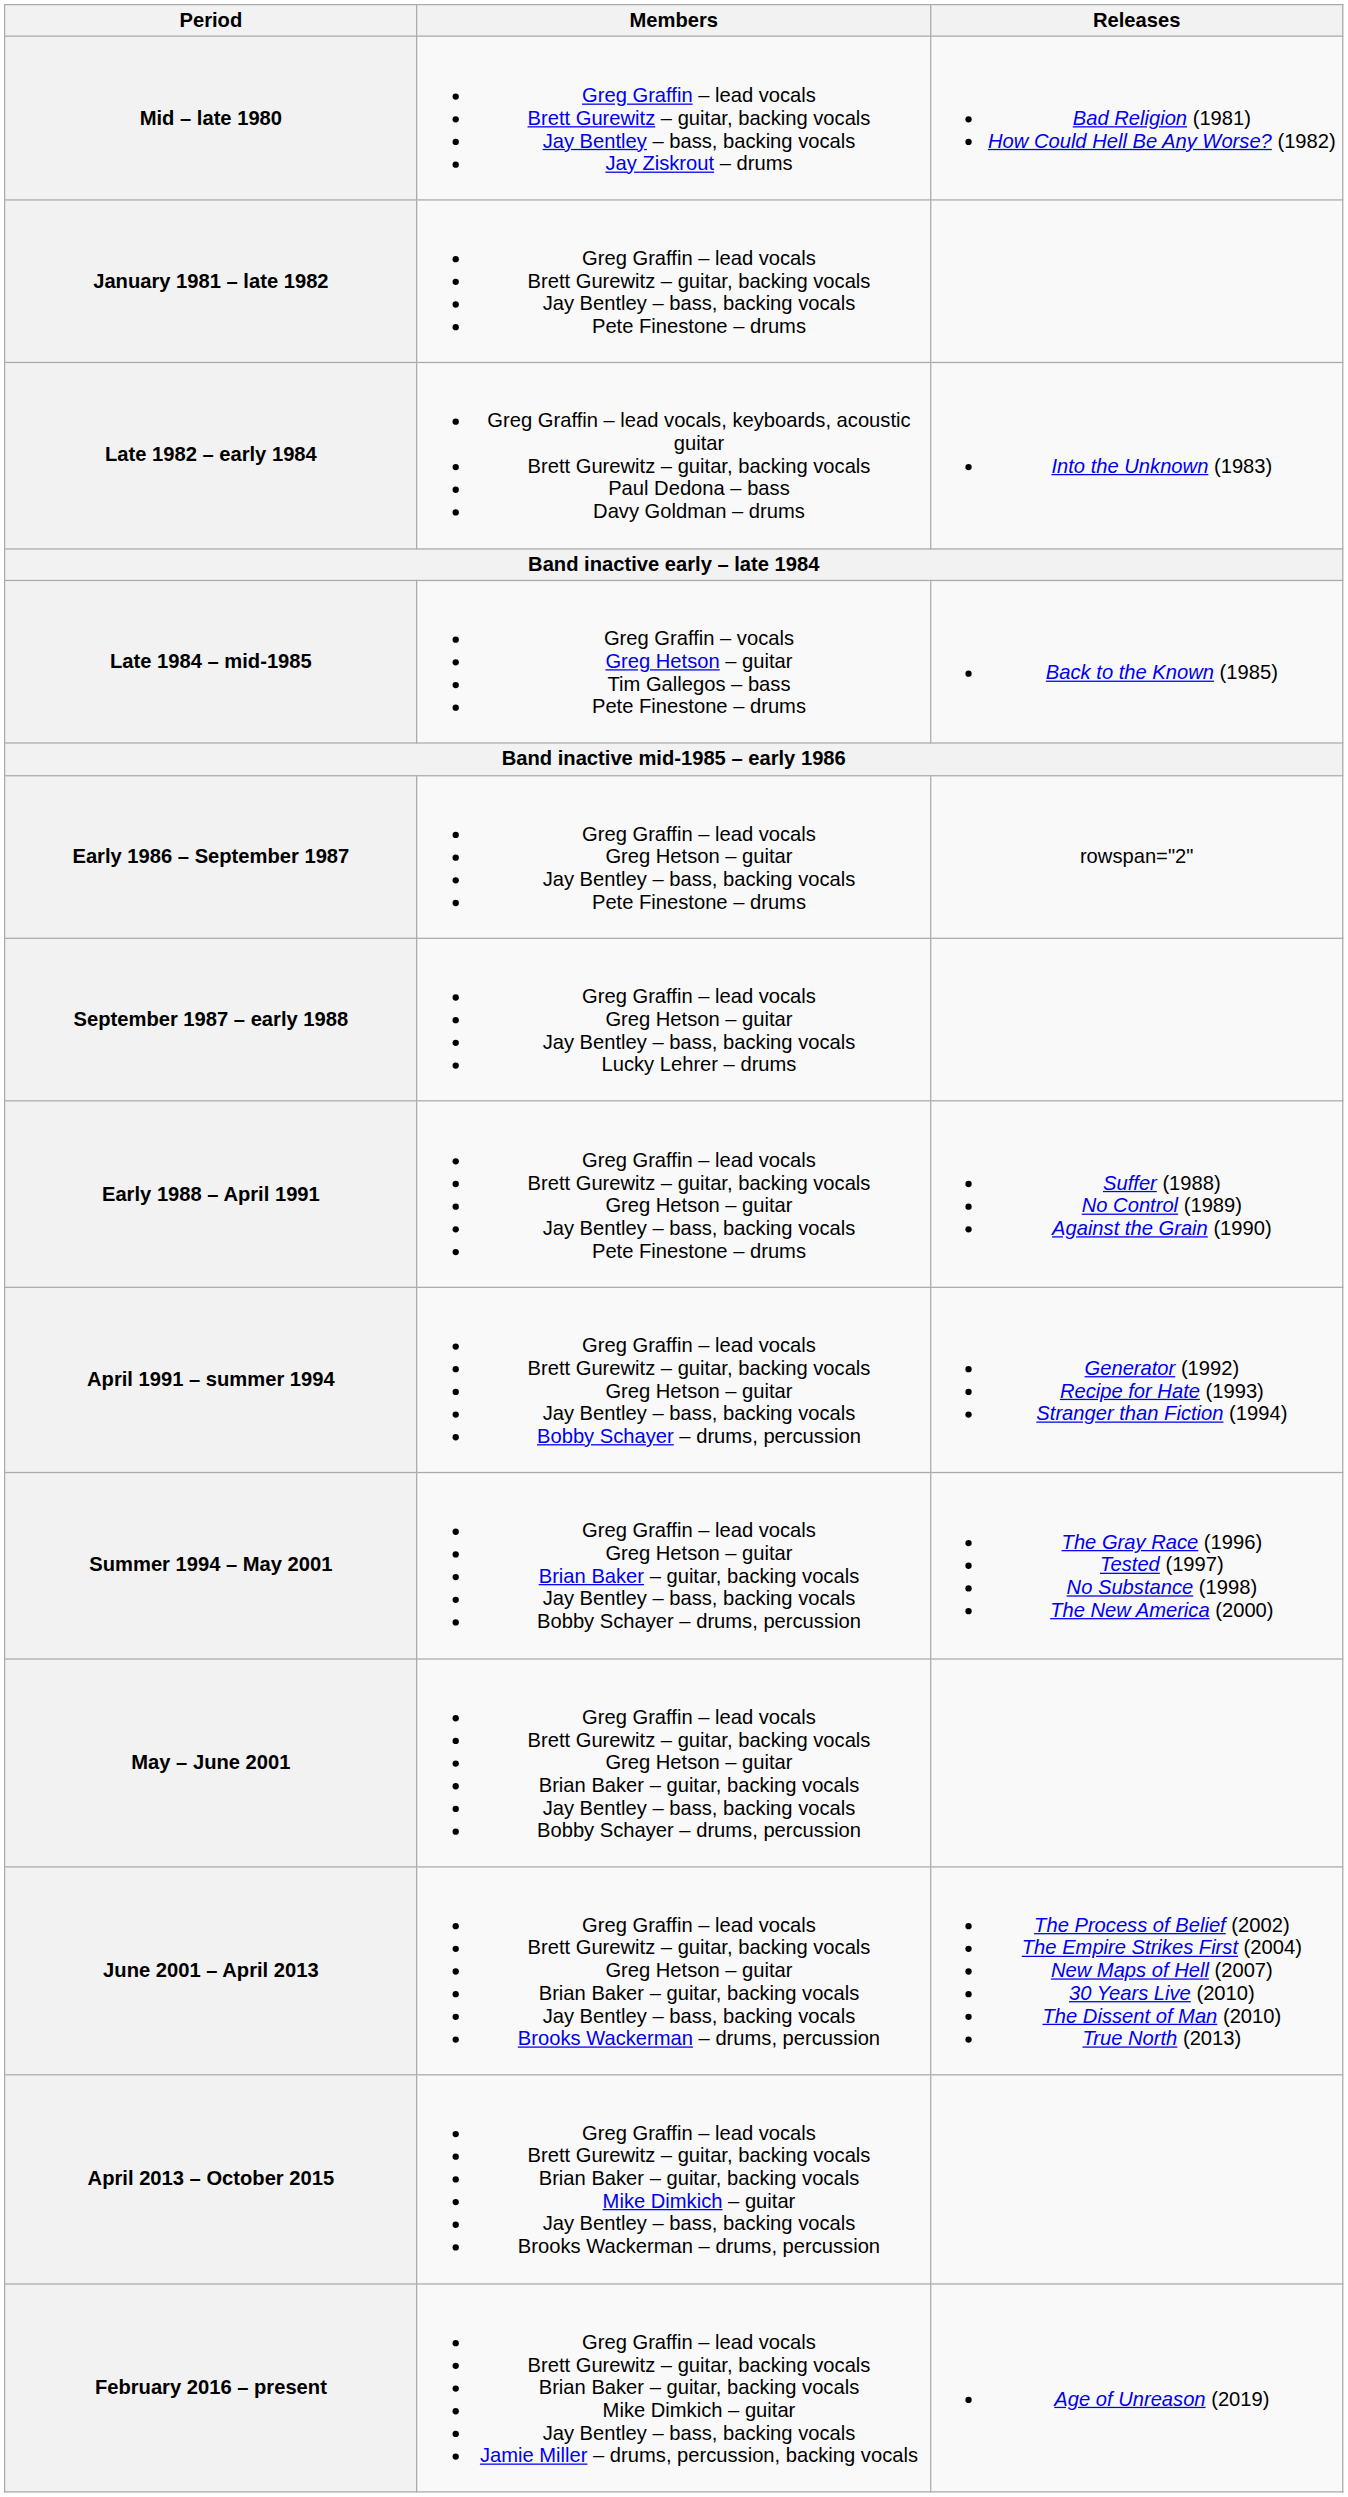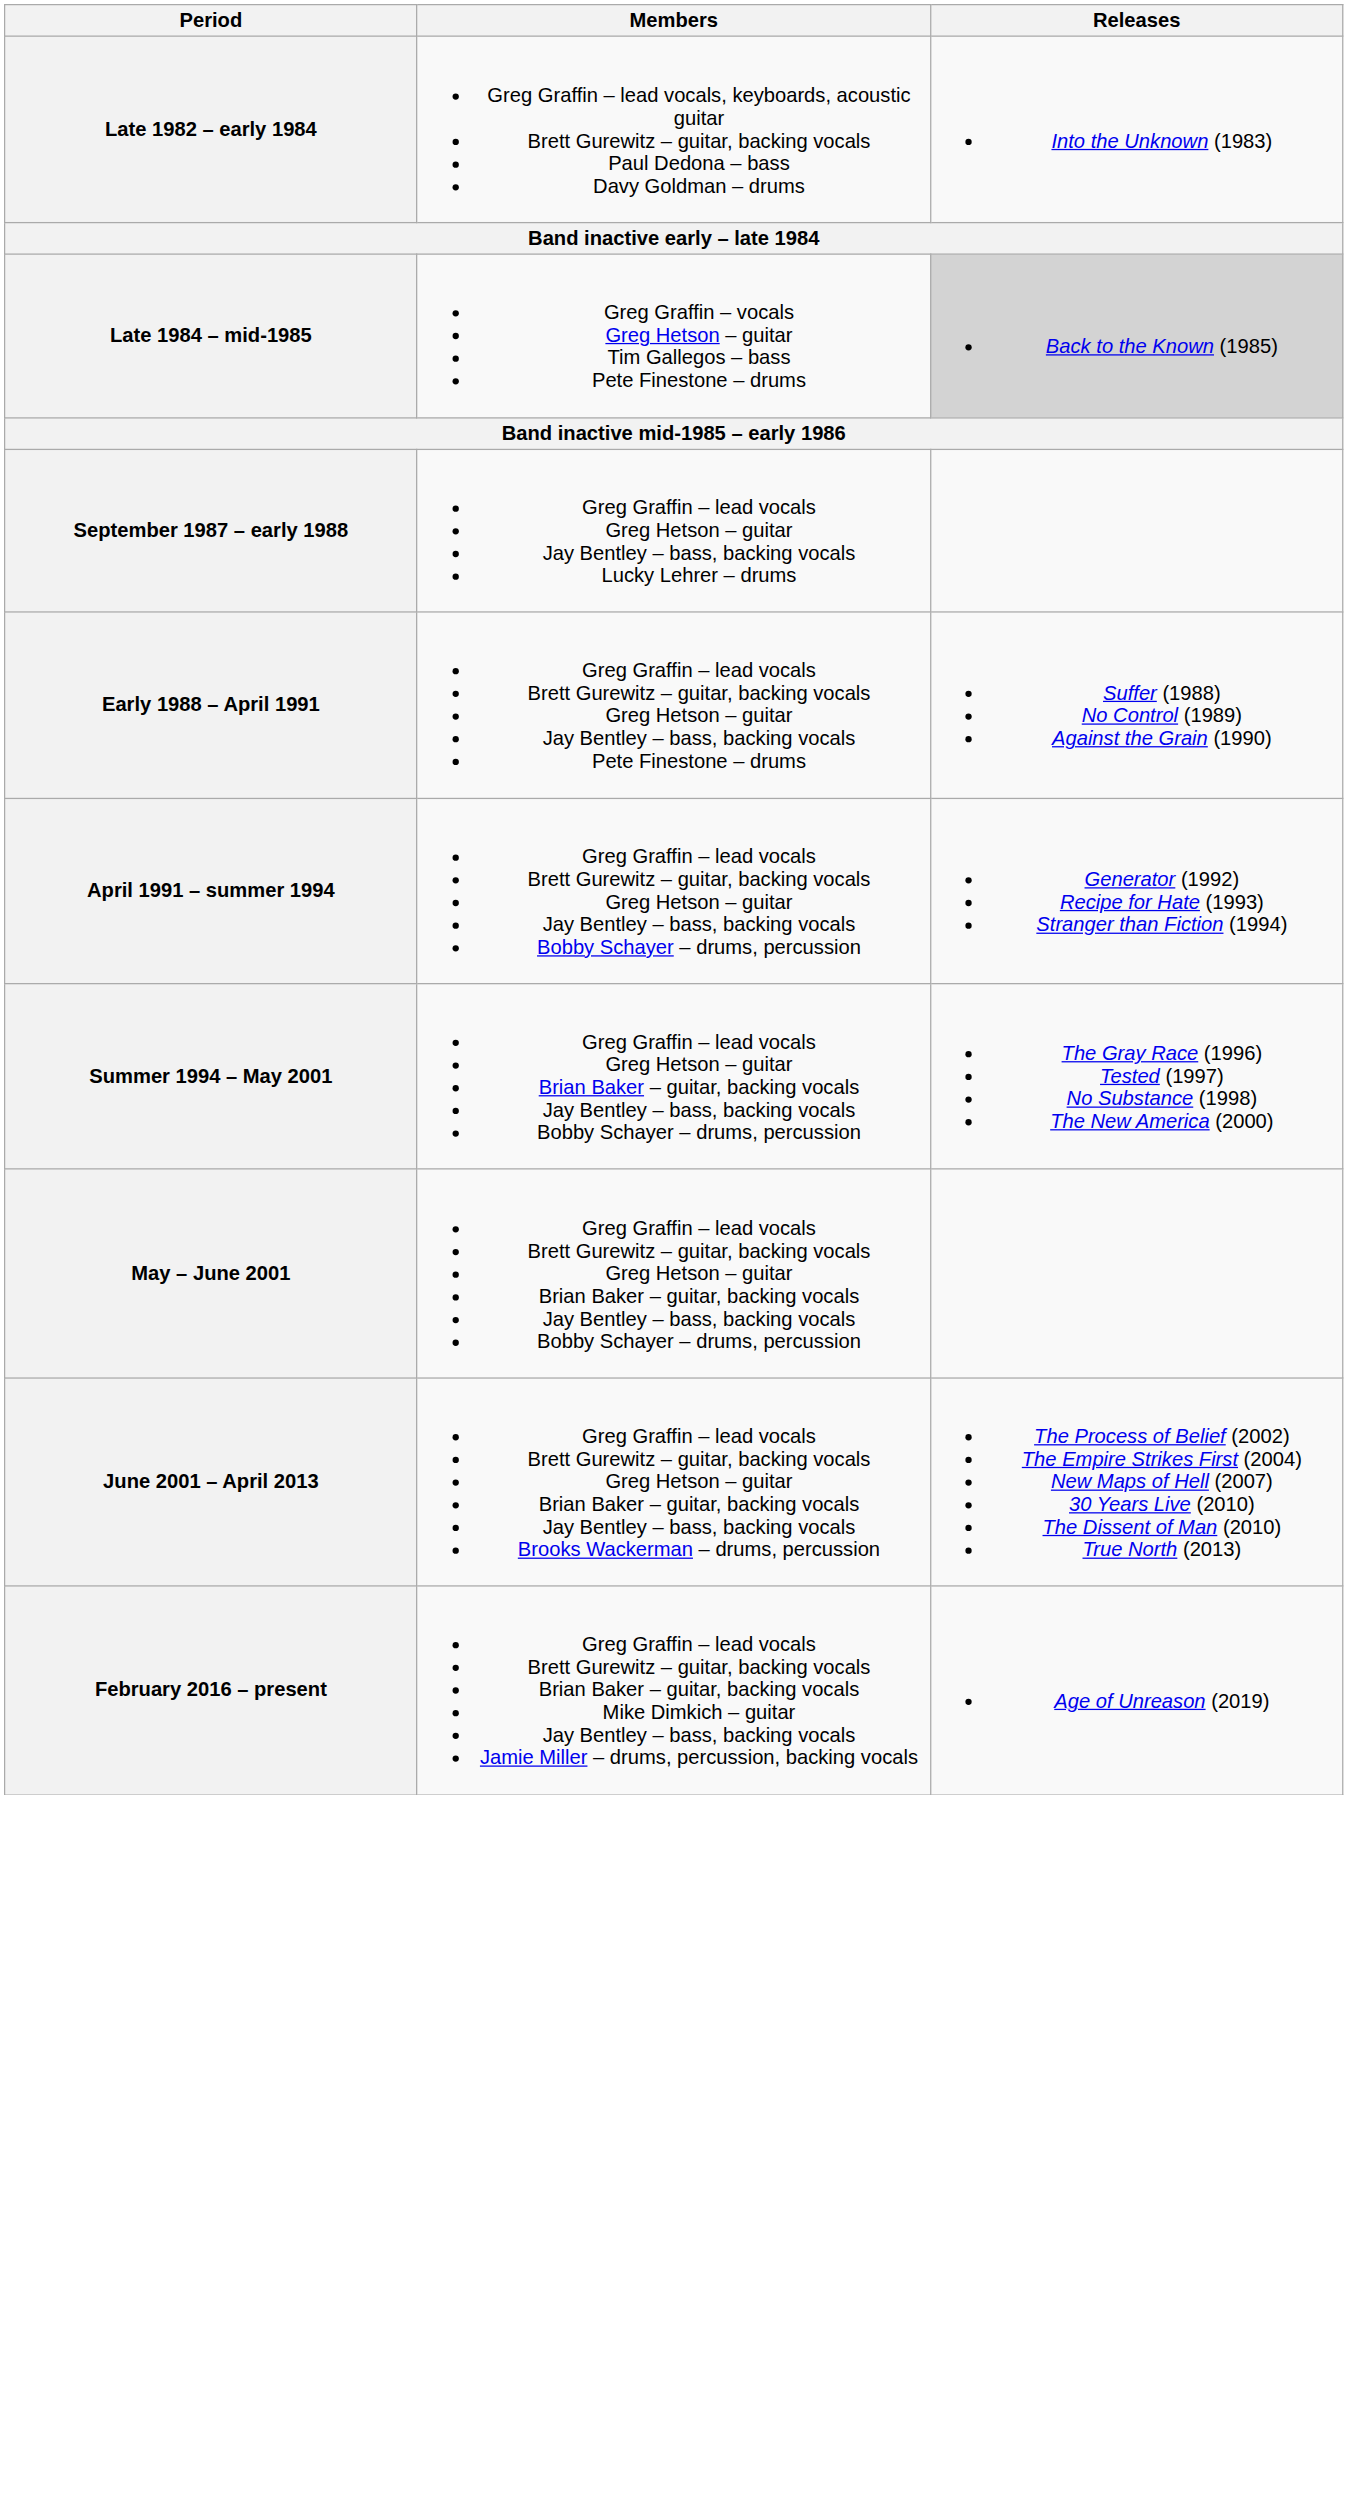 <table class="wikitable plainrowheaders" style="text-align:center;">
 <tr>
 <th scope="col" style="width:20em;">Period</th>
 <th scope="col" style="width:25em;">Members</th>
 <th scope="col" style="width:20em;">Releases</th>
-</tr>
-<tr>
-<th scope="col">Mid – late 1980</th>
-<td><br><ul><li><a href='#'>Greg Graffin</a> – lead vocals</li><li><a href='#'>Brett Gurewitz</a> – guitar, backing vocals</li><li><a href='#'>Jay Bentley</a> – bass, backing vocals</li><li><a href='#'>Jay Ziskrout</a> – drums</li></ul></td>
-<td><br><ul><li><em><a href='#'>Bad Religion</a></em> (1981)</li><li><em><a href='#'>How Could Hell Be Any Worse?</a></em> (1982)</li></ul></td>
-</tr>
-<tr>
-<th scope="col">January 1981 – late 1982</th>
-<td><br><ul><li>Greg Graffin – lead vocals</li><li>Brett Gurewitz – guitar, backing vocals</li><li>Jay Bentley – bass, backing vocals</li><li>Pete Finestone – drums</li></ul></td>
-<td></td>
 </tr>
 <tr>
 <th scope="col">Late 1982 – early 1984</th>
 <td><br><ul><li>Greg Graffin – lead vocals, keyboards, acoustic guitar</li><li>Brett Gurewitz – guitar, backing vocals</li><li>Paul Dedona – bass</li><li>Davy Goldman – drums</li></ul></td>
 <td><br><ul><li><em><a href='#'>Into the Unknown</a></em> (1983)</li></ul></td>
 </tr>
 <tr>
 <th scope="col" colspan="3">Band inactive early – late 1984</th>
 </tr>
 <tr>
 <th scope="col">Late 1984 – mid-1985</th>
 <td><br><ul><li>Greg Graffin – vocals</li><li><a href='#'>Greg Hetson</a> – guitar</li><li>Tim Gallegos – bass</li><li>Pete Finestone – drums</li></ul></td>
-<td><br><ul><li><em><a href='#'>Back to the Known</a></em> (1985)</li></ul></td>
+<td style="background: lightgrey;"><br><ul><li><em><a href='#'>Back to the Known</a></em> (1985)</li></ul></td>
 </tr>
 <tr>
 <th scope="col" colspan="3">Band inactive mid-1985 – early 1986</th>
-</tr>
-<tr>
-<th scope="col">Early 1986 – September 1987</th>
-<td><br><ul><li>Greg Graffin – lead vocals</li><li>Greg Hetson – guitar</li><li>Jay Bentley – bass, backing vocals</li><li>Pete Finestone – drums</li></ul></td>
-<td>rowspan="2" </td>
 </tr>
 <tr>
 <th>September 1987 – early 1988</th>
 <td><br><ul><li>Greg Graffin – lead vocals</li><li>Greg Hetson – guitar</li><li>Jay Bentley – bass, backing vocals</li><li>Lucky Lehrer – drums</li></ul></td>
 </tr>
 <tr>
 <th>Early 1988 –  April 1991</th>
 <td><br><ul><li>Greg Graffin – lead vocals</li><li>Brett Gurewitz – guitar, backing vocals</li><li>Greg Hetson – guitar</li><li>Jay Bentley – bass, backing vocals</li><li>Pete Finestone – drums</li></ul></td>
 <td><br><ul><li><em><a href='#'>Suffer</a></em> (1988)</li><li><em><a href='#'>No Control</a></em> (1989)</li><li><em><a href='#'>Against the Grain</a></em> (1990)</li></ul></td>
 </tr>
 <tr>
 <th scope="col">April 1991 – summer 1994</th>
 <td><br><ul><li>Greg Graffin – lead vocals</li><li>Brett Gurewitz – guitar, backing vocals</li><li>Greg Hetson – guitar</li><li>Jay Bentley – bass, backing vocals</li><li><a href='#'>Bobby Schayer</a> – drums, percussion</li></ul></td>
 <td><br><ul><li><em><a href='#'>Generator</a></em> (1992)</li><li><em><a href='#'>Recipe for Hate</a></em> (1993)</li><li><em><a href='#'>Stranger than Fiction</a></em> (1994)</li></ul></td>
 </tr>
 <tr>
 <th scope="col">Summer 1994 – May 2001</th>
 <td><br><ul><li>Greg Graffin – lead vocals</li><li>Greg Hetson – guitar</li><li><a href='#'>Brian Baker</a> – guitar, backing vocals</li><li>Jay Bentley – bass, backing vocals</li><li>Bobby Schayer – drums, percussion</li></ul></td>
 <td><br><ul><li><em><a href='#'>The Gray Race</a></em> (1996)</li><li><em><a href='#'>Tested</a></em> (1997)</li><li><em><a href='#'>No Substance</a></em> (1998)</li><li><em><a href='#'>The New America</a></em> (2000)</li></ul></td>
 </tr>
 <tr>
 <th scope="col">May – June 2001</th>
 <td><br><ul><li>Greg Graffin – lead vocals</li><li>Brett Gurewitz – guitar, backing vocals </li><li>Greg Hetson – guitar</li><li>Brian Baker – guitar, backing vocals</li><li>Jay Bentley – bass, backing vocals</li><li>Bobby Schayer – drums, percussion</li></ul></td>
 <td></td>
 </tr>
 <tr>
 <th scope="col">June 2001 – April 2013</th>
 <td><br><ul><li>Greg Graffin – lead vocals</li><li>Brett Gurewitz – guitar, backing vocals </li><li>Greg Hetson – guitar</li><li>Brian Baker – guitar, backing vocals</li><li>Jay Bentley – bass, backing vocals</li><li><a href='#'>Brooks Wackerman</a> – drums, percussion</li></ul></td>
 <td><br><ul><li><em><a href='#'>The Process of Belief</a></em> (2002)</li><li><em><a href='#'>The Empire Strikes First</a></em> (2004)</li><li><em><a href='#'>New Maps of Hell</a></em> (2007)</li><li><em><a href='#'>30 Years Live</a></em> (2010)</li><li><em><a href='#'>The Dissent of Man</a></em> (2010)</li><li><em><a href='#'>True North</a></em> (2013)</li></ul></td>
 </tr>
 <tr>
-<th scope="col">April 2013 – October 2015</th>
-<td><br><ul><li>Greg Graffin – lead vocals</li><li>Brett Gurewitz – guitar, backing vocals </li><li>Brian Baker – guitar, backing vocals</li><li><a href='#'>Mike Dimkich</a> – guitar</li><li>Jay Bentley – bass, backing vocals</li><li>Brooks Wackerman – drums, percussion</li></ul></td>
-<td></td>
-</tr>
-<tr>
 <th scope="col">February 2016 – present</th>
 <td><br><ul><li>Greg Graffin – lead vocals</li><li>Brett Gurewitz – guitar, backing vocals </li><li>Brian Baker – guitar, backing vocals</li><li>Mike Dimkich – guitar</li><li>Jay Bentley – bass, backing vocals</li><li><a href='#'>Jamie Miller</a> – drums, percussion, backing vocals</li></ul></td>
 <td><br><ul><li><em><a href='#'>Age of Unreason</a></em> (2019)</li></ul></td>
 </tr>
 </table>
